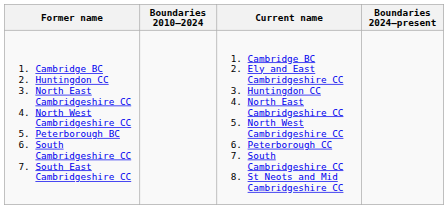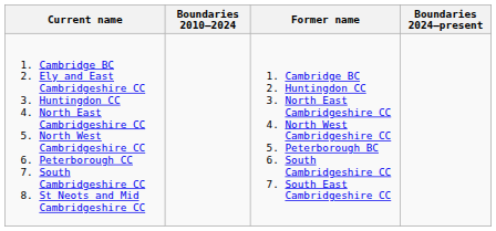 <table class="wikitable">
 <tr>
+<th>Current name</th>
+<th>Boundaries 2010–2024</th>
 <th>Former name</th>
-<th>Boundaries 2010–2024</th>
-<th>Current name</th>
 <th>Boundaries 2024–present</th>
 </tr>
 <tr>
+<td><br><ol><li><a href='#'>Cambridge BC</a></li><li><a href='#'>Ely and East Cambridgeshire CC</a></li><li><a href='#'>Huntingdon CC</a></li><li><a href='#'>North East Cambridgeshire CC</a></li><li><a href='#'>North West Cambridgeshire CC</a></li><li><a href='#'>Peterborough CC</a></li><li><a href='#'>South Cambridgeshire CC</a></li><li><a href='#'>St Neots and Mid Cambridgeshire CC</a></li></ol></td>
+<td></td>
 <td><br><ol><li><a href='#'>Cambridge BC</a></li><li><a href='#'>Huntingdon CC</a></li><li><a href='#'>North East Cambridgeshire CC</a></li><li><a href='#'>North West Cambridgeshire CC</a></li><li><a href='#'>Peterborough BC</a></li><li><a href='#'>South Cambridgeshire CC</a></li><li><a href='#'>South East Cambridgeshire CC</a></li></ol></td>
-<td></td>
-<td><br><ol><li><a href='#'>Cambridge BC</a></li><li><a href='#'>Ely and East Cambridgeshire CC</a></li><li><a href='#'>Huntingdon CC</a></li><li><a href='#'>North East Cambridgeshire CC</a></li><li><a href='#'>North West Cambridgeshire CC</a></li><li><a href='#'>Peterborough CC</a></li><li><a href='#'>South Cambridgeshire CC</a></li><li><a href='#'>St Neots and Mid Cambridgeshire CC</a></li></ol></td>
 <td></td>
 </tr>
 </table>
